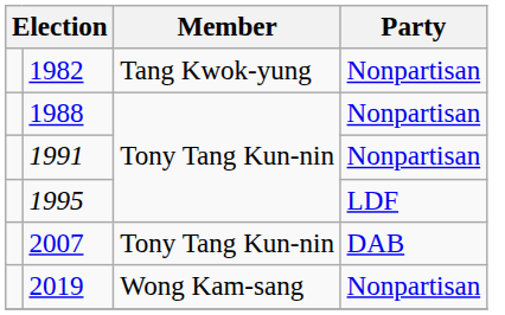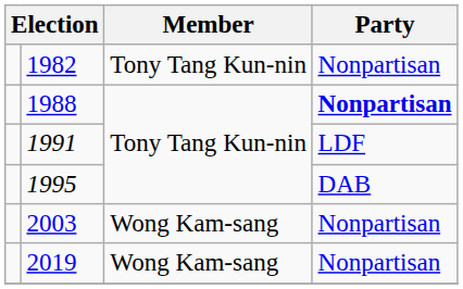 <table class="wikitable">
 <tr>
 <th colspan="2">Election</th>
 <th>Member</th>
 <th>Party</th>
 </tr>
 <tr>
 <td style="color:inherit;background:"></td>
 <td><a href='#'>1982</a></td>
-<td>Tang Kwok-yung</td>
+<td>Tony Tang Kun-nin</td>
 <td><a href='#'>Nonpartisan</a></td>
 </tr>
 <tr>
 <td style="color:inherit;background:"></td>
 <td><a href='#'>1988</a></td>
 <td rowspan=3>Tony Tang Kun-nin</td>
-<td><a href='#'>Nonpartisan</a></td>
+<td><strong><a href='#'>Nonpartisan</a></strong></td>
 </tr>
 <tr>
 <td style="color:inherit;background:"></td>
 <td><em>1991</em></td>
-<td><a href='#'>Nonpartisan</a></td>
+<td><a href='#'>LDF</a></td>
 </tr>
 <tr>
 <td style="color:inherit;background:"></td>
 <td><em>1995</em></td>
-<td><a href='#'>LDF</a></td>
+<td><a href='#'>DAB</a></td>
 </tr>
 <tr>
 <td style="color:inherit;background:"></td>
-<td><a href='#'>2007</a></td>
-<td>Tony Tang Kun-nin</td>
-<td><a href='#'>DAB</a></td>
+<td><a href='#'>2003</a></td>
+<td>Wong Kam-sang</td>
+<td><a href='#'>Nonpartisan</a></td>
 </tr>
 <tr>
 <td style="color:inherit;background:"></td>
 <td><a href='#'>2019</a></td>
 <td>Wong Kam-sang</td>
 <td><a href='#'>Nonpartisan</a></td>
 </tr>
 <tr>
 </tr>
 </table>
